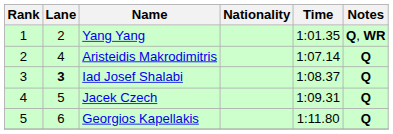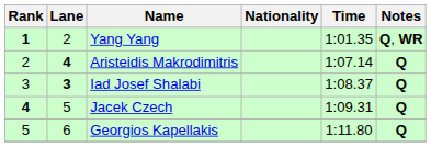 <table class="wikitable">
 <tr>
 <th>Rank</th>
 <th>Lane</th>
 <th>Name</th>
 <th>Nationality</th>
 <th>Time</th>
 <th>Notes</th>
 </tr>
 <tr bgcolor=ccffcc>
-<td align=center>1</td>
+<td align=center><strong>1</strong></td>
 <td align=center>2</td>
 <td><a href='#'>Yang Yang</a></td>
 <td></td>
 <td align=center>1:01.35</td>
 <td align=center><strong>Q</strong>, <strong>WR</strong></td>
 </tr>
 <tr bgcolor=ccffcc>
 <td align=center>2</td>
-<td align=center>4</td>
+<td align=center><strong>4</strong></td>
 <td><a href='#'>Aristeidis Makrodimitris</a></td>
 <td></td>
 <td align=center>1:07.14</td>
 <td align=center><strong>Q</strong></td>
 </tr>
 <tr bgcolor=ccffcc>
 <td align=center>3</td>
 <td align=center><strong>3</strong></td>
 <td><a href='#'>Iad Josef Shalabi</a></td>
 <td></td>
 <td align=center>1:08.37</td>
 <td align=center><strong>Q</strong></td>
 </tr>
 <tr bgcolor=ccffcc>
-<td align=center>4</td>
+<td align=center><strong>4</strong></td>
 <td align=center>5</td>
 <td><a href='#'>Jacek Czech</a></td>
 <td></td>
 <td align=center>1:09.31</td>
 <td align=center><strong>Q</strong></td>
 </tr>
 <tr bgcolor=ccffcc>
 <td align=center>5</td>
 <td align=center>6</td>
 <td><a href='#'>Georgios Kapellakis</a></td>
 <td></td>
 <td align=center>1:11.80</td>
 <td align=center><strong>Q</strong></td>
 </tr>
 <tr>
 </tr>
 </table>
